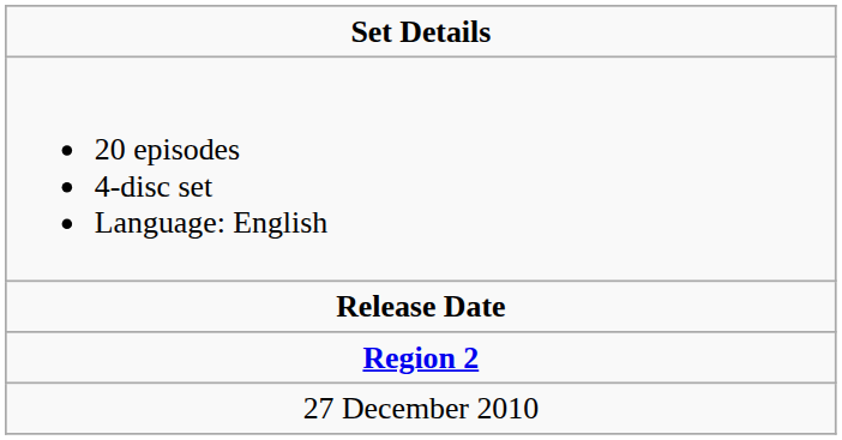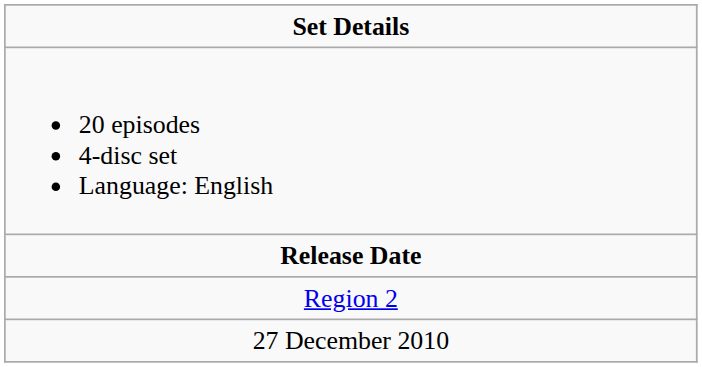 <table class="wikitable" style="font-size: 95%;">
 <tr valign="top">
 <td align="center" width="400" colspan="3"><strong>Set Details</strong></td>
 </tr>
 <tr valign="top">
 <td colspan="3" align="left" width="400"><br><ul><li>20 episodes</li><li>4-disc set</li><li>Language: English</li></ul></td>
 </tr>
 <tr>
 <td colspan="3" align="center"><strong>Release Date</strong></td>
 </tr>
 <tr>
-<td align="center"><strong><a href='#'>Region 2</a></strong></td>
+<td align="center"><a href='#'>Region 2</a></td>
 </tr>
 <tr>
 <td align="center">27 December 2010</td>
 </tr>
 </table>
